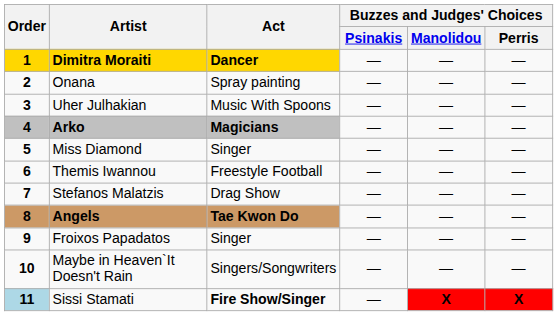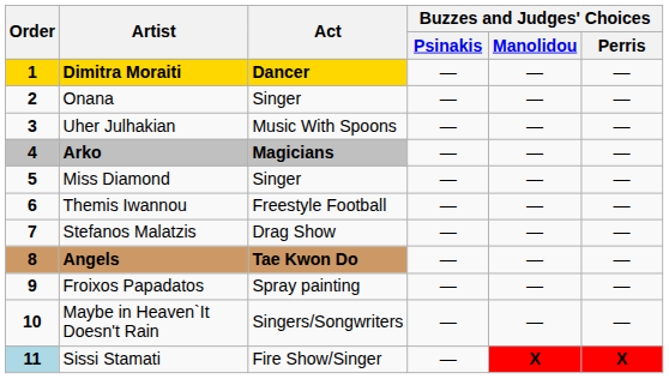 <table class="wikitable" style="width:100%;">
 <tr>
 <th rowspan=2>Order</th>
 <th rowspan=2>Artist</th>
 <th rowspan=2>Act</th>
 <th colspan=3>Buzzes and Judges' Choices</th>
 </tr>
 <tr>
 <th width="70"><a href='#'>Psinakis</a></th>
 <th width="70"><a href='#'>Manolidou</a></th>
 <th width="70">Perris</th>
 </tr>
 <tr>
 <th style="background:gold;text-align:center;">1</th>
 <td style="background:gold;"><strong>Dimitra Moraiti</strong></td>
 <td style="background:gold;"><strong>Dancer</strong></td>
 <td align="center">—</td>
 <td align="center">—</td>
 <td align="center">—</td>
 </tr>
 <tr>
 <td align="center"><strong>2</strong></td>
 <td>Onana</td>
-<td>Spray painting</td>
+<td>Singer</td>
 <td align="center">—</td>
 <td align="center">—</td>
 <td align="center">—</td>
 </tr>
 <tr>
 <td align="center"><strong>3</strong></td>
 <td>Uher Julhakian</td>
 <td>Music With Spoons</td>
 <td align="center">—</td>
 <td align="center">—</td>
 <td align="center">—</td>
 </tr>
 <tr>
 <th style="background:silver;text-align:center;">4</th>
 <td style="background:silver;"><strong>Arko</strong></td>
 <td style="background:silver;"><strong>Magicians</strong></td>
 <td align="center">—</td>
 <td align="center">—</td>
 <td align="center">—</td>
 </tr>
 <tr>
 <td align="center"><strong>5</strong></td>
 <td>Miss Diamond</td>
 <td>Singer</td>
 <td align="center">—</td>
 <td align="center">—</td>
 <td align="center">—</td>
 </tr>
 <tr>
 <td align="center"><strong>6</strong></td>
 <td>Themis Iwannou</td>
 <td>Freestyle Football</td>
 <td align="center">—</td>
 <td align="center">—</td>
 <td align="center">—</td>
 </tr>
 <tr>
 <td align="center"><strong>7</strong></td>
 <td>Stefanos Malatzis</td>
 <td>Drag Show</td>
 <td align="center">—</td>
 <td align="center">—</td>
 <td align="center">—</td>
 </tr>
 <tr>
 <th style="background:#c96;text-align:center;">8</th>
 <td style="background:#c96;"><strong>Angels</strong></td>
 <td style="background:#c96;"><strong>Tae Kwon Do</strong></td>
 <td align="center">—</td>
 <td align="center">—</td>
 <td align="center">—</td>
 </tr>
 <tr>
 <td align="center"><strong>9</strong></td>
 <td>Froixos Papadatos</td>
-<td>Singer</td>
+<td>Spray painting</td>
 <td align="center">—</td>
 <td align="center">—</td>
 <td align="center">—</td>
 </tr>
 <tr>
 <td align="center"><strong>10</strong></td>
 <td>Maybe in Heaven`It Doesn't Rain</td>
 <td>Singers/Songwriters</td>
 <td align="center">—</td>
 <td align="center">—</td>
 <td align="center">—</td>
 </tr>
 <tr>
 <td align="center" style="background: lightblue;"><strong>11</strong></td>
 <td>Sissi Stamati</td>
-<td><strong>Fire Show/Singer</strong></td>
+<td>Fire Show/Singer</td>
 <td align="center">—</td>
 <td style="background:red; text-align:center;"><strong>X</strong></td>
 <td style="background:red; text-align:center;"><strong>X</strong></td>
 </tr>
 </table>
